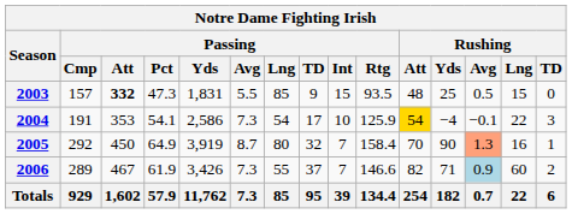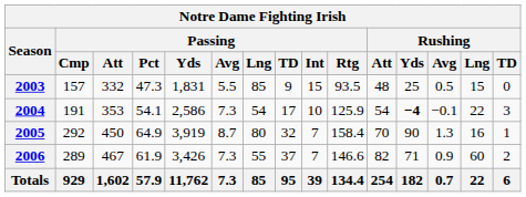 <table class="wikitable" style="text-align: center;">
 <tr>
 <th colspan="15">Notre Dame Fighting Irish</th>
 </tr>
 <tr>
 <th rowspan="2">Season</th>
 <th colspan="9">Passing</th>
 <th colspan="5">Rushing</th>
 </tr>
 <tr>
 <th>Cmp</th>
 <th>Att</th>
 <th>Pct</th>
 <th>Yds</th>
 <th>Avg</th>
 <th>Lng</th>
 <th>TD</th>
 <th>Int</th>
 <th>Rtg</th>
 <th>Att</th>
 <th>Yds</th>
 <th>Avg</th>
 <th>Lng</th>
 <th>TD</th>
 </tr>
 <tr>
 <th><a href='#'>2003</a></th>
 <td>157</td>
-<td><strong>332</strong></td>
+<td>332</td>
 <td>47.3</td>
 <td>1,831</td>
 <td>5.5</td>
 <td>85</td>
 <td>9</td>
 <td>15</td>
 <td>93.5</td>
 <td>48</td>
 <td>25</td>
 <td>0.5</td>
 <td>15</td>
 <td>0</td>
 </tr>
 <tr>
 <th><a href='#'>2004</a></th>
 <td>191</td>
 <td>353</td>
 <td>54.1</td>
 <td>2,586</td>
 <td>7.3</td>
 <td>54</td>
 <td>17</td>
 <td>10</td>
 <td>125.9</td>
-<td style="background: gold;">54</td>
-<td>−4</td>
+<td>54</td>
+<td><strong>−4</strong></td>
 <td>−0.1</td>
 <td>22</td>
 <td>3</td>
 </tr>
 <tr>
 <th><a href='#'>2005</a></th>
 <td>292</td>
 <td>450</td>
 <td>64.9</td>
 <td>3,919</td>
 <td>8.7</td>
 <td>80</td>
 <td>32</td>
 <td>7</td>
 <td>158.4</td>
 <td>70</td>
 <td>90</td>
-<td style="background: lightsalmon;">1.3</td>
+<td>1.3</td>
 <td>16</td>
 <td>1</td>
 </tr>
 <tr>
 <th><a href='#'>2006</a></th>
 <td>289</td>
 <td>467</td>
 <td>61.9</td>
 <td>3,426</td>
 <td>7.3</td>
 <td>55</td>
 <td>37</td>
 <td>7</td>
 <td>146.6</td>
 <td>82</td>
 <td>71</td>
-<td style="background: lightblue;">0.9</td>
+<td>0.9</td>
 <td>60</td>
 <td>2</td>
 </tr>
 <tr>
 <th>Totals</th>
 <th>929</th>
 <th>1,602</th>
 <th>57.9</th>
 <th>11,762</th>
 <th>7.3</th>
 <th>85</th>
 <th>95</th>
 <th>39</th>
 <th>134.4</th>
 <th>254</th>
 <th>182</th>
 <th>0.7</th>
 <th>22</th>
 <th>6</th>
 </tr>
 </table>
